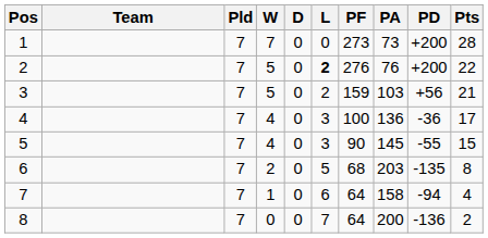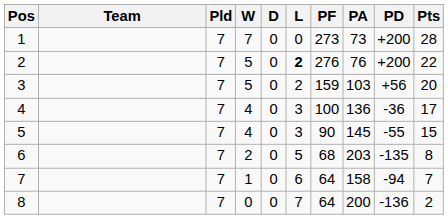 <table class="wikitable" style="text-align:center">
 <tr>
 <th width=20 abbr="Position">Pos</th>
 <th width=175>Team</th>
 <th width=20 abbr="Played">Pld</th>
 <th width=20 abbr="Won">W</th>
 <th width=20 abbr="Drawn">D</th>
 <th width=20 abbr="Lost">L</th>
 <th width=20 abbr="Points for">PF</th>
 <th width=20 abbr="Points against">PA</th>
 <th width=25 abbr="Points difference">PD</th>
 <th width=20 abbr="Points">Pts</th>
 </tr>
 <tr>
 <td>1</td>
 <td style="text-align:left"></td>
 <td>7</td>
 <td>7</td>
 <td>0</td>
 <td>0</td>
 <td>273</td>
 <td>73</td>
 <td>+200</td>
 <td>28</td>
 </tr>
 <tr>
 <td>2</td>
 <td style="text-align:left"></td>
 <td>7</td>
 <td>5</td>
 <td>0</td>
 <td><strong>2</strong></td>
 <td>276</td>
 <td>76</td>
 <td>+200</td>
 <td>22</td>
 </tr>
 <tr>
 <td>3</td>
 <td style="text-align:left"></td>
 <td>7</td>
 <td>5</td>
 <td>0</td>
 <td>2</td>
 <td>159</td>
 <td>103</td>
 <td>+56</td>
-<td>21</td>
+<td>20</td>
 </tr>
 <tr>
 <td>4</td>
 <td style="text-align:left"></td>
 <td>7</td>
 <td>4</td>
 <td>0</td>
 <td>3</td>
 <td>100</td>
 <td>136</td>
 <td>-36</td>
 <td>17</td>
 </tr>
 <tr>
 <td>5</td>
 <td style="text-align:left"></td>
 <td>7</td>
 <td>4</td>
 <td>0</td>
 <td>3</td>
 <td>90</td>
 <td>145</td>
 <td>-55</td>
 <td>15</td>
 </tr>
 <tr>
 <td>6</td>
 <td style="text-align:left"></td>
 <td>7</td>
 <td>2</td>
 <td>0</td>
 <td>5</td>
 <td>68</td>
 <td>203</td>
 <td>-135</td>
 <td>8</td>
 </tr>
 <tr>
 <td>7</td>
 <td style="text-align:left"></td>
 <td>7</td>
 <td>1</td>
 <td>0</td>
 <td>6</td>
 <td>64</td>
 <td>158</td>
 <td>-94</td>
-<td>4</td>
+<td>7</td>
 </tr>
 <tr>
 <td>8</td>
 <td style="text-align:left"></td>
 <td>7</td>
 <td>0</td>
 <td>0</td>
 <td>7</td>
 <td>64</td>
 <td>200</td>
 <td>-136</td>
 <td>2</td>
 </tr>
 </table>
